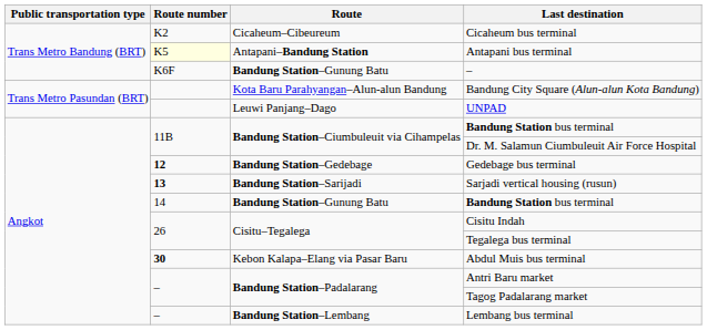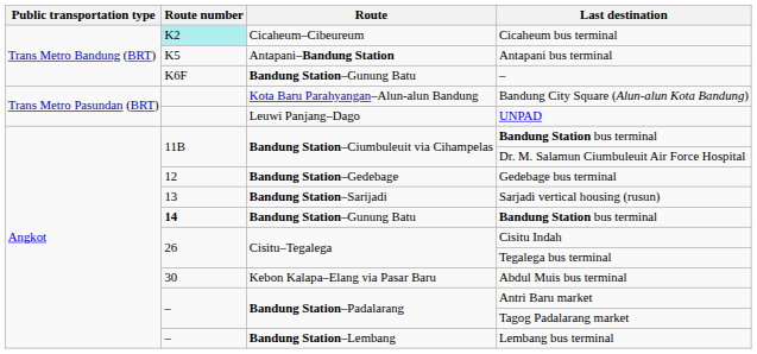 <table class="wikitable">
 <tr>
 <th>Public transportation type</th>
 <th>Route number</th>
 <th>Route</th>
 <th>Last destination</th>
 </tr>
 <tr>
 <td rowspan="3"><a href='#'>Trans Metro Bandung</a> (<a href='#'>BRT</a>)</td>
-<td>K2</td>
+<td style="background: paleturquoise;">K2</td>
 <td>Cicaheum–Cibeureum</td>
 <td>Cicaheum bus terminal</td>
 </tr>
 <tr>
-<td style="background: lightyellow;">K5</td>
+<td>K5</td>
 <td>Antapani–<strong>Bandung Station</strong></td>
 <td>Antapani bus terminal</td>
 </tr>
 <tr>
 <td>K6F</td>
 <td><strong>Bandung Station</strong>–Gunung Batu</td>
 <td>–</td>
 </tr>
 <tr>
 <td rowspan="2"><a href='#'>Trans Metro Pasundan</a> (<a href='#'>BRT</a>)</td>
 <td></td>
 <td><a href='#'>Kota Baru Parahyangan</a>–Alun-alun Bandung</td>
 <td>Bandung City Square (<em>Alun-alun Kota Bandung</em>)</td>
 </tr>
 <tr>
 <td></td>
 <td>Leuwi Panjang–Dago</td>
 <td><a href='#'>UNPAD</a></td>
 </tr>
 <tr>
 <td rowspan="11"><a href='#'>Angkot</a></td>
 <td rowspan="2">11B</td>
 <td rowspan="2"><strong>Bandung Station</strong>–Ciumbuleuit via Cihampelas</td>
 <td><strong>Bandung Station</strong> bus terminal</td>
 </tr>
 <tr>
 <td>Dr. M. Salamun Ciumbuleuit Air Force Hospital</td>
 </tr>
 <tr>
-<td><strong>12</strong></td>
+<td>12</td>
 <td><strong>Bandung Station</strong>–Gedebage</td>
 <td>Gedebage bus terminal</td>
 </tr>
 <tr>
-<td><strong>13</strong></td>
+<td>13</td>
 <td><strong>Bandung Station</strong>–Sarijadi</td>
 <td>Sarjadi vertical housing (rusun)</td>
 </tr>
 <tr>
-<td>14</td>
+<td><strong>14</strong></td>
 <td><strong>Bandung Station</strong>–Gunung Batu</td>
 <td><strong>Bandung Station</strong> bus terminal</td>
 </tr>
 <tr>
 <td rowspan="2">26</td>
 <td rowspan="2">Cisitu–Tegalega</td>
 <td>Cisitu Indah</td>
 </tr>
 <tr>
 <td>Tegalega bus terminal</td>
 </tr>
 <tr>
-<td><strong>30</strong></td>
+<td>30</td>
 <td>Kebon Kalapa–Elang via Pasar Baru</td>
 <td>Abdul Muis bus terminal</td>
 </tr>
 <tr>
 <td rowspan="2">–</td>
 <td rowspan="2"><strong>Bandung Station</strong>–Padalarang</td>
 <td>Antri Baru market</td>
 </tr>
 <tr>
 <td>Tagog Padalarang market</td>
 </tr>
 <tr>
 <td>–</td>
 <td><strong>Bandung Station</strong>–Lembang</td>
 <td>Lembang bus terminal</td>
 </tr>
 </table>
